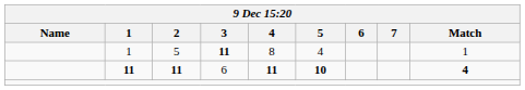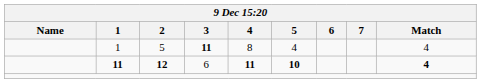 <table class=wikitable style="text-align:center; width: 55%">
 <tr>
 <th colspan=17><em> 9 Dec 15:20</em></th>
 </tr>
 <tr>
 <th>Name</th>
 <th>1</th>
 <th>2</th>
 <th>3</th>
 <th>4</th>
 <th>5</th>
 <th>6</th>
 <th>7</th>
 <th>Match</th>
 </tr>
 <tr>
 <td style="text-align:left;"></td>
 <td>1</td>
 <td>5</td>
 <td><strong>11</strong></td>
 <td>8</td>
 <td>4</td>
 <td></td>
 <td></td>
-<td>1</td>
+<td>4</td>
 </tr>
 <tr>
 <td style="text-align:left;"><strong></strong></td>
 <td><strong>11</strong></td>
-<td><strong>11</strong></td>
+<td><strong>12</strong></td>
 <td>6</td>
 <td><strong>11</strong></td>
 <td><strong>10</strong></td>
 <td></td>
 <td></td>
 <td><strong>4</strong></td>
 </tr>
 <tr>
 <td colspan=17></td>
 </tr>
 </table>
